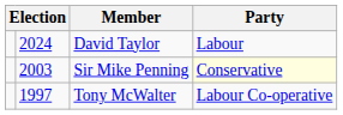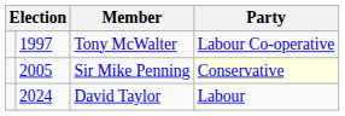 <table class="wikitable">
 <tr>
 <th colspan="2">Election</th>
 <th>Member</th>
 <th>Party</th>
 </tr>
 <tr>
 <td style="color:inherit;background-color: "></td>
-<td><a href='#'>2024</a></td>
-<td><a href='#'>David Taylor</a></td>
-<td><a href='#'>Labour</a></td>
+<td><a href='#'>1997</a></td>
+<td><a href='#'>Tony McWalter</a></td>
+<td><a href='#'>Labour Co-operative</a></td>
 </tr>
 <tr>
 <td style="color:inherit;background-color: "></td>
-<td><a href='#'>2003</a></td>
+<td><a href='#'>2005</a></td>
 <td><a href='#'>Sir Mike Penning</a></td>
 <td style="background: lightyellow;"><a href='#'>Conservative</a></td>
 </tr>
 <tr>
 <td style="color:inherit;background-color: "></td>
-<td><a href='#'>1997</a></td>
-<td><a href='#'>Tony McWalter</a></td>
-<td><a href='#'>Labour Co-operative</a></td>
+<td><a href='#'>2024</a></td>
+<td><a href='#'>David Taylor</a></td>
+<td><a href='#'>Labour</a></td>
 </tr>
 </table>
